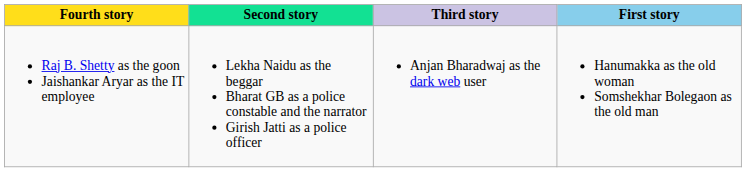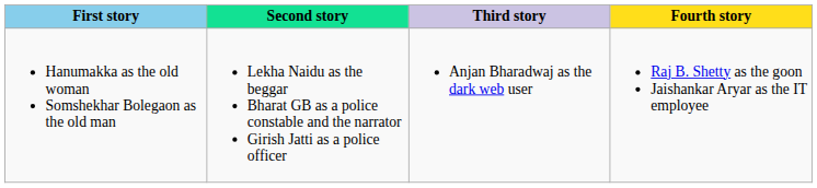 <table class=wikitable>
 <tr>
-<th style="background:#ffde1a; width:20%">Fourth story</th>
+<th style="background:#87CEEB; width:20%">First story</th>
 <th style="background:#12E193; width:20%">Second story</th>
 <th style="background:#CBC3E3; width:20%">Third story</th>
-<th style="background:#87CEEB; width:20%">First story</th>
+<th style="background:#ffde1a; width:20%">Fourth story</th>
 </tr>
 <tr>
-<td valign="top"><br><ul><li><a href='#'>Raj B. Shetty</a> as the goon</li><li>Jaishankar Aryar as the IT employee</li></ul></td>
+<td valign="top"><br><ul><li>Hanumakka as the old woman</li><li>Somshekhar Bolegaon as the old man</li></ul></td>
 <td valign="top"><br><ul><li>Lekha Naidu as the beggar</li><li>Bharat GB as a police constable and the narrator</li><li>Girish Jatti as a police officer</li></ul></td>
 <td valign="top"><br><ul><li>Anjan Bharadwaj as the <a href='#'>dark web</a> user</li></ul></td>
-<td valign="top"><br><ul><li>Hanumakka as the old woman</li><li>Somshekhar Bolegaon as the old man</li></ul></td>
+<td valign="top"><br><ul><li><a href='#'>Raj B. Shetty</a> as the goon</li><li>Jaishankar Aryar as the IT employee</li></ul></td>
 </tr>
 </table>
